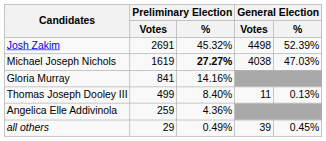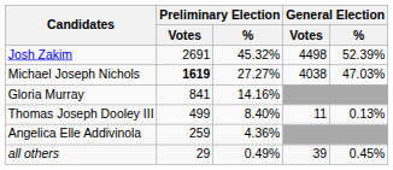 <table class=wikitable>
 <tr>
 <th colspan=1 rowspan=2><strong>Candidates</strong></th>
 <th colspan=2><strong>Preliminary Election</strong></th>
 <th colspan=2><strong>General Election</strong></th>
 </tr>
 <tr>
 <th>Votes</th>
 <th>%</th>
 <th>Votes</th>
 <th>%</th>
 </tr>
 <tr>
 <td><a href='#'>Josh Zakim</a></td>
 <td align="right">2691</td>
 <td align="right">45.32%</td>
 <td align="right">4498</td>
 <td align="right">52.39%</td>
 </tr>
 <tr>
 <td>Michael Joseph Nichols</td>
-<td align="right">1619</td>
-<td align="right"><strong>27.27%</strong></td>
+<td align="right"><strong>1619</strong></td>
+<td align="right">27.27%</td>
 <td align="right">4038</td>
 <td align="right">47.03%</td>
 </tr>
 <tr>
 <td>Gloria Murray</td>
 <td align="right">841</td>
 <td align="right">14.16%</td>
 <td colspan=2 bgcolor=darkgray> </td>
 </tr>
 <tr>
 <td>Thomas Joseph Dooley III</td>
 <td align="right">499</td>
 <td align="right">8.40%</td>
 <td align="right">11</td>
 <td align="right">0.13%</td>
 </tr>
 <tr>
 <td>Angelica Elle Addivinola</td>
 <td align="right">259</td>
 <td align="right">4.36%</td>
 <td colspan=2 bgcolor=darkgray> </td>
 </tr>
 <tr>
 <td><em>all others</em></td>
 <td align="right">29</td>
 <td align="right">0.49%</td>
 <td align="right">39</td>
 <td align="right">0.45%</td>
 </tr>
 </table>
